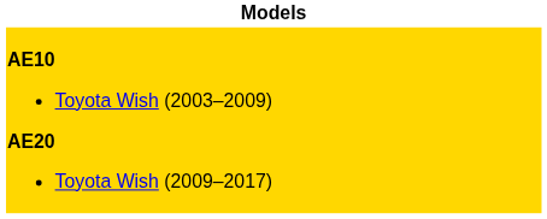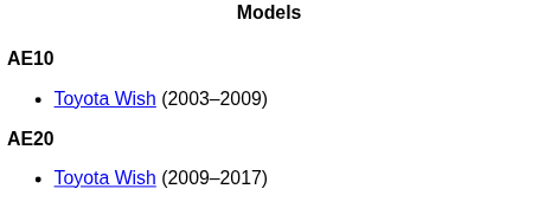 <table>
 <tr>
 <th style="width:50%">Models</th>
 </tr>
 <tr>
-<td style="background: gold; width:50%"><br><strong>AE10</strong><ul><li><a href='#'>Toyota Wish</a> (2003–2009)</li></ul><strong>AE20</strong><ul><li><a href='#'>Toyota Wish</a> (2009–2017)</li></ul></td>
+<td style="width:50%"><br><strong>AE10</strong><ul><li><a href='#'>Toyota Wish</a> (2003–2009)</li></ul><strong>AE20</strong><ul><li><a href='#'>Toyota Wish</a> (2009–2017)</li></ul></td>
 </tr>
 </table>
